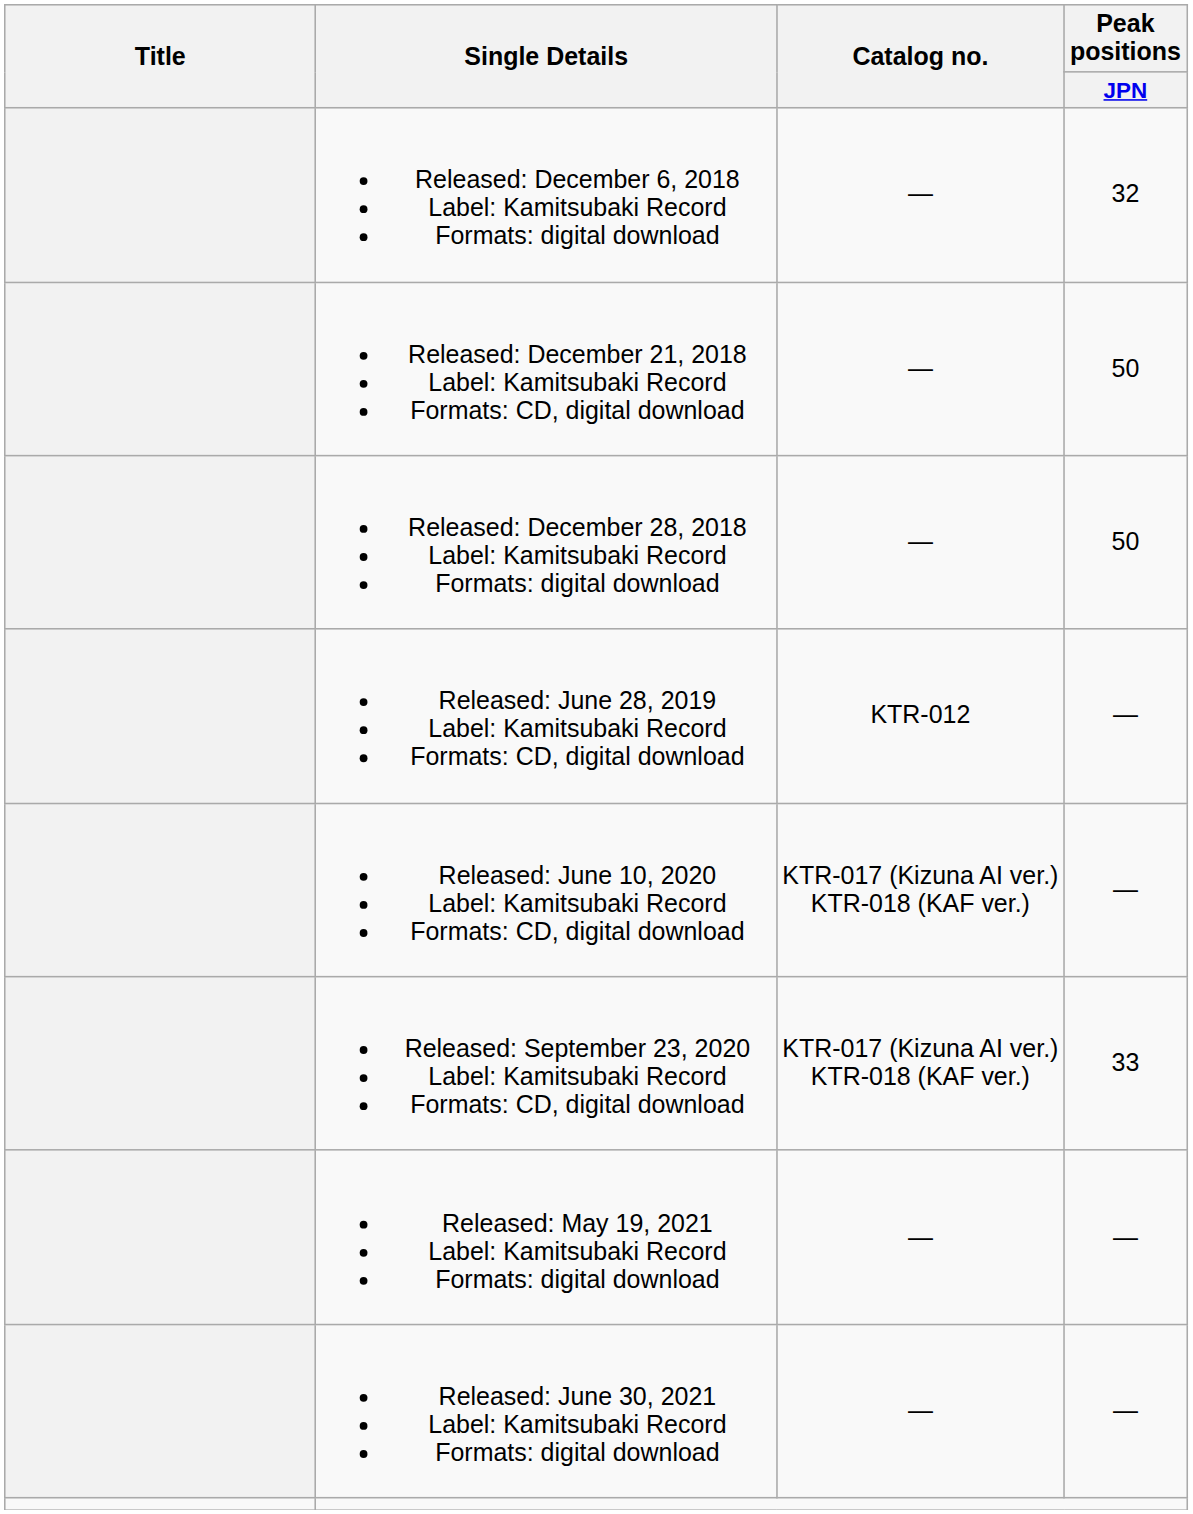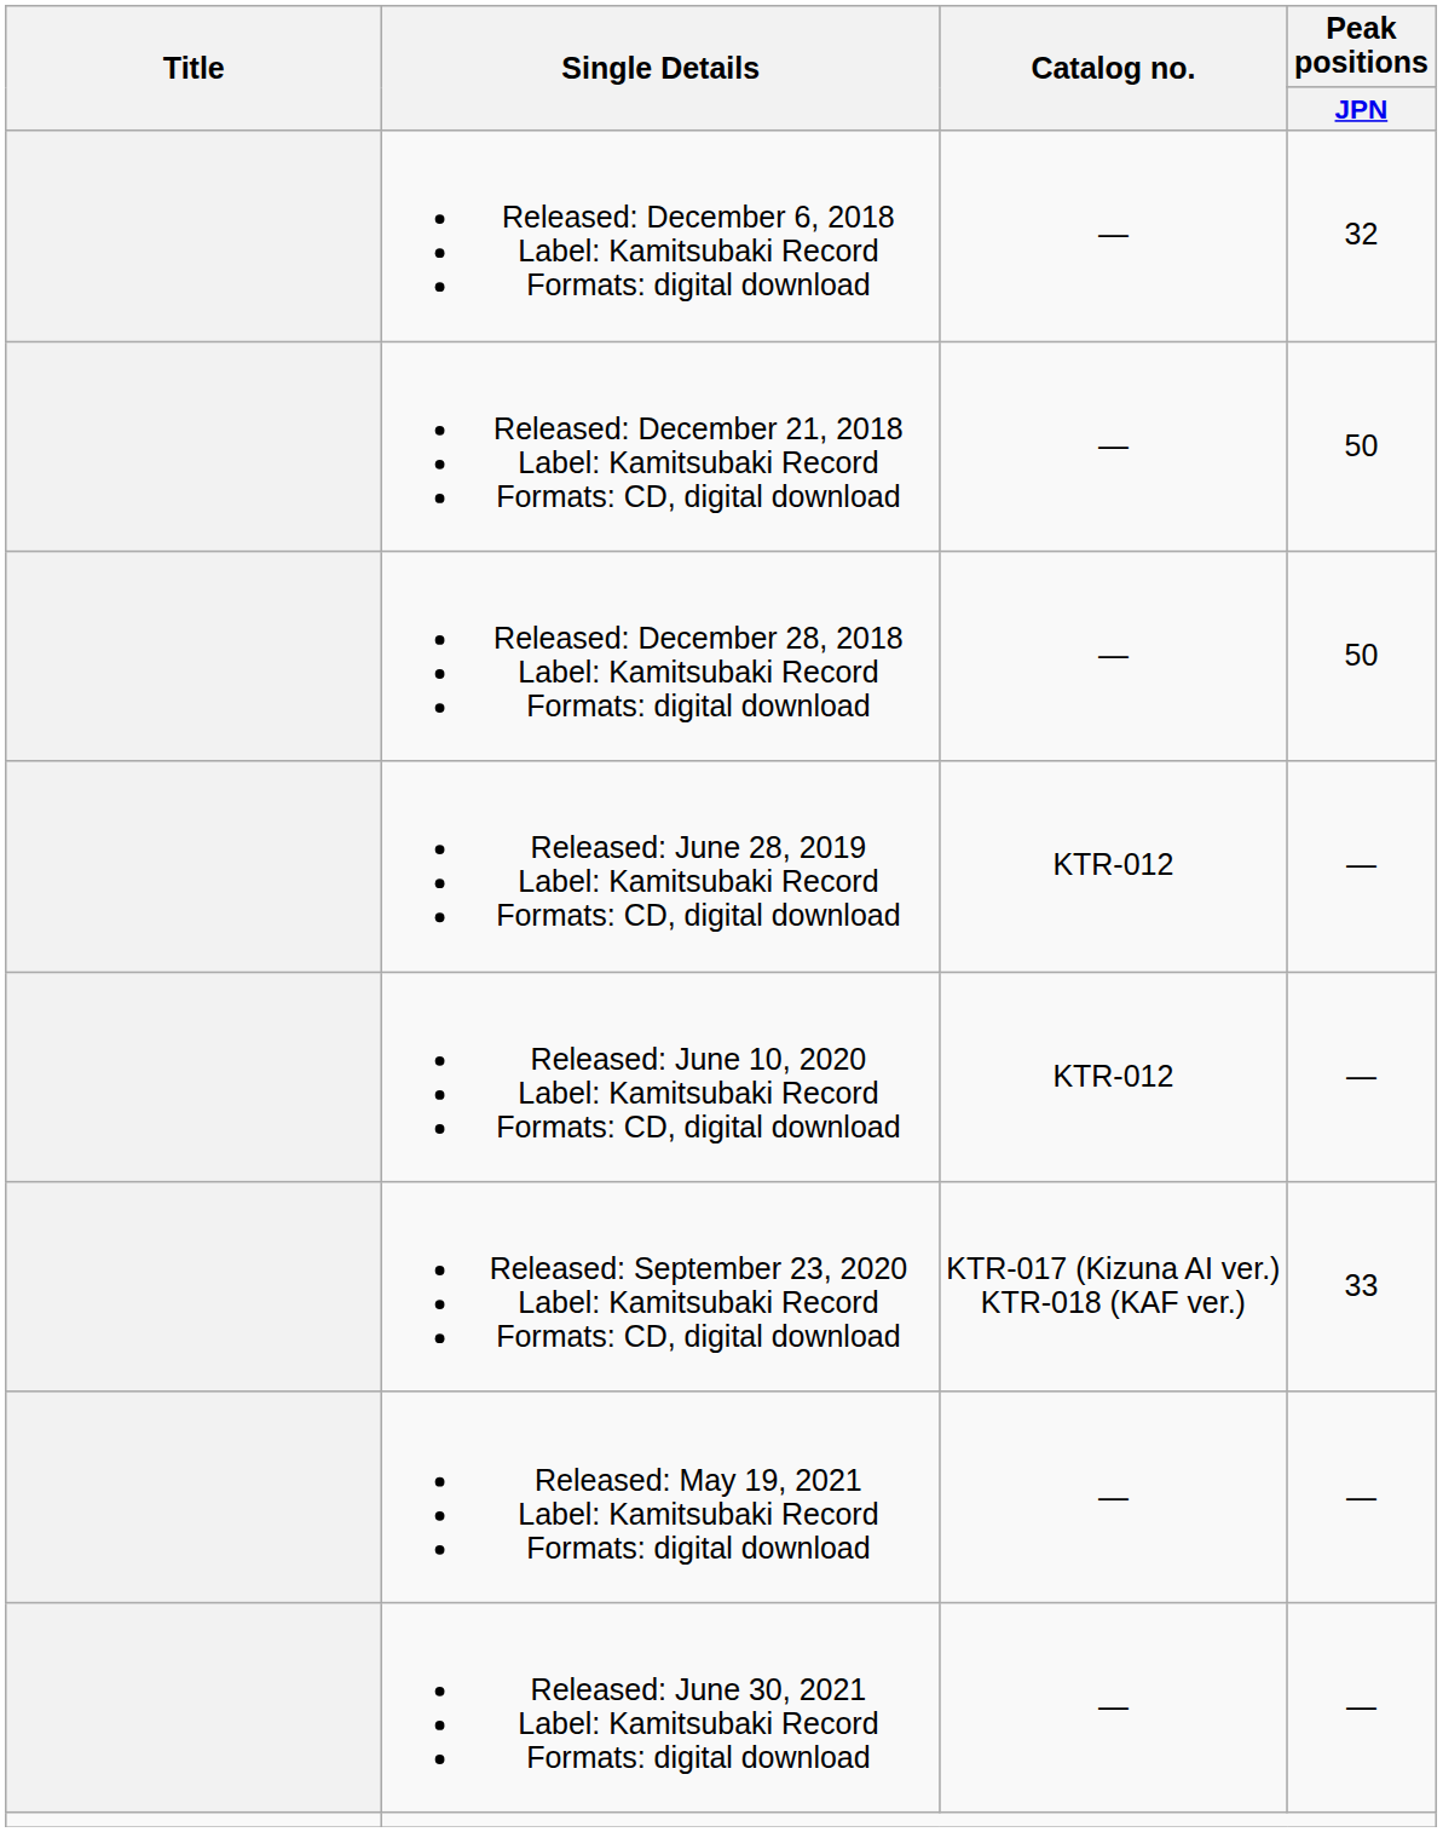 <table class="wikitable plainrowheaders" style="text-align:center;">
 <tr>
 <th style="width:12em;" rowspan="2">Title</th>
 <th style="width:18em;" rowspan="2">Single Details</th>
 <th rowspan ="2">Catalog no.</th>
 <th colspan="1">Peak positions</th>
 </tr>
 <tr>
 <th scope="col" style="width:3em;font-size:90%;"><a href='#'>JPN</a><br></th>
 </tr>
 <tr>
 <th scope="row"></th>
 <td><br><ul><li>Released: December 6, 2018</li><li>Label: Kamitsubaki Record</li><li>Formats: digital download</li></ul></td>
 <td>—</td>
 <td>32</td>
 </tr>
 <tr>
 <th scope="row"></th>
 <td><br><ul><li>Released: December 21, 2018</li><li>Label: Kamitsubaki Record</li><li>Formats: CD, digital download</li></ul></td>
 <td>—</td>
 <td>50</td>
 </tr>
 <tr>
 <th scope="row"></th>
 <td><br><ul><li>Released: December 28, 2018</li><li>Label: Kamitsubaki Record</li><li>Formats: digital download</li></ul></td>
 <td>—</td>
 <td>50</td>
 </tr>
 <tr>
 <th scope="row"></th>
 <td><br><ul><li>Released: June 28, 2019</li><li>Label: Kamitsubaki Record</li><li>Formats: CD, digital download</li></ul></td>
 <td>KTR-012</td>
 <td>—</td>
 </tr>
 <tr>
 <th scope="row"></th>
 <td><br><ul><li>Released: June 10, 2020</li><li>Label: Kamitsubaki Record</li><li>Formats: CD, digital download</li></ul></td>
-<td>KTR-017 (Kizuna AI ver.)<br>KTR-018 (KAF ver.)</td>
+<td>KTR-012</td>
 <td>—</td>
 </tr>
 <tr>
 <th scope="row"></th>
 <td><br><ul><li>Released: September 23, 2020</li><li>Label: Kamitsubaki Record</li><li>Formats: CD, digital download</li></ul></td>
 <td>KTR-017 (Kizuna AI ver.)<br>KTR-018 (KAF ver.)</td>
 <td>33</td>
 </tr>
 <tr>
 <th scope="row"></th>
 <td><br><ul><li>Released: May 19, 2021</li><li>Label: Kamitsubaki Record</li><li>Formats: digital download</li></ul></td>
 <td>—</td>
 <td>—</td>
 </tr>
 <tr>
 <th scope="row"></th>
 <td><br><ul><li>Released: June 30, 2021</li><li>Label: Kamitsubaki Record</li><li>Formats: digital download</li></ul></td>
 <td>—</td>
 <td>—</td>
 </tr>
 <tr>
 <td></td>
 </tr>
 </table>
